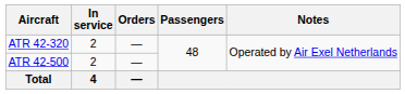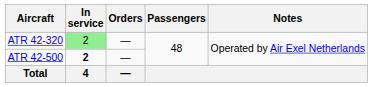 <table class="wikitable" style="margin:0.5em auto; text-align:center">
 <tr>
 <th>Aircraft</th>
 <th>In <br> service</th>
 <th>Orders</th>
 <th>Passengers</th>
 <th>Notes</th>
 </tr>
 <tr>
 <td><a href='#'>ATR 42-320</a></td>
-<td>2</td>
+<td style="background: lightgreen;">2</td>
 <td>—</td>
 <td rowspan=2>48</td>
 <td rowspan=2>Operated by <a href='#'>Air Exel Netherlands</a></td>
 </tr>
 <tr>
 <td><a href='#'>ATR 42-500</a></td>
-<td>2</td>
+<td><strong>2</strong></td>
 <td>—</td>
 </tr>
 <tr>
 <th>Total</th>
 <th>4</th>
 <th>—</th>
 <th colspan=5></th>
 </tr>
 </table>
